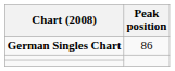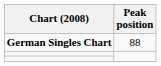 <table class="wikitable">
 <tr>
 <th>Chart (2008)</th>
 <th>Peak<br>position</th>
 </tr>
 <tr>
 <td align="left"><strong>German Singles Chart</strong></td>
-<td align="center">86</td>
+<td align="center">88</td>
 </tr>
 <tr>
 <td></td>
 </tr>
 <tr>
 <td></td>
 </tr>
 </table>
